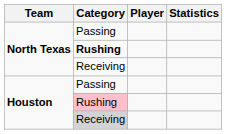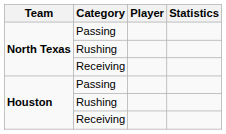 <table class="wikitable" style="float: left;">
 <tr>
 <th>Team</th>
 <th>Category</th>
 <th>Player</th>
 <th>Statistics</th>
 </tr>
 <tr>
 <td rowspan=3><strong>North Texas</strong></td>
 <td>Passing</td>
 <td></td>
 <td></td>
 </tr>
 <tr>
-<td><strong>Rushing</strong></td>
+<td>Rushing</td>
 <td></td>
 <td></td>
 </tr>
 <tr>
 <td>Receiving</td>
 <td></td>
 <td></td>
 </tr>
 <tr>
 <td rowspan=3><strong>Houston</strong></td>
 <td>Passing</td>
 <td></td>
 <td></td>
 </tr>
 <tr>
-<td style="background: pink;">Rushing</td>
+<td>Rushing</td>
 <td></td>
 <td></td>
 </tr>
 <tr>
-<td style="background: lightgrey;">Receiving</td>
+<td>Receiving</td>
 <td></td>
 <td></td>
 </tr>
 </table>
